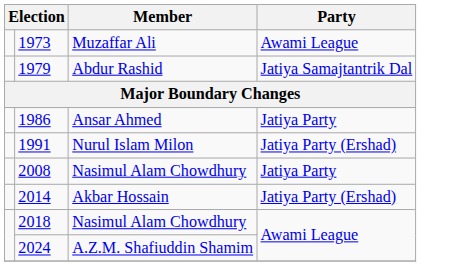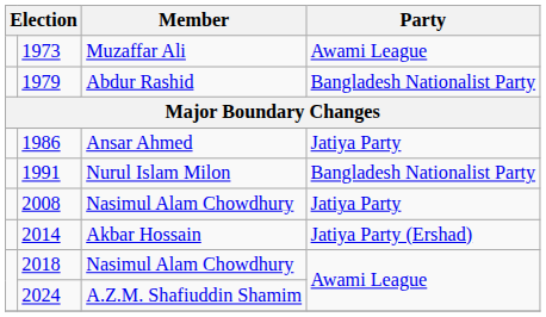 <table class="wikitable">
 <tr>
 <th colspan="2">Election</th>
 <th>Member</th>
 <th>Party</th>
 </tr>
 <tr>
 <td style="background-color:"></td>
 <td><a href='#'>1973</a></td>
 <td><a href='#'>Muzaffar Ali</a></td>
 <td><a href='#'>Awami League</a></td>
 </tr>
 <tr>
 <td style="background-color:"></td>
 <td><a href='#'>1979</a></td>
 <td><a href='#'>Abdur Rashid</a></td>
-<td><a href='#'>Jatiya Samajtantrik Dal</a></td>
+<td><a href='#'>Bangladesh Nationalist Party</a></td>
 </tr>
 <tr>
 <th colspan="4">Major Boundary Changes</th>
 </tr>
 <tr>
 <td style="background-color:"></td>
 <td><a href='#'>1986</a></td>
 <td><a href='#'>Ansar Ahmed</a></td>
 <td><a href='#'>Jatiya Party</a></td>
 </tr>
 <tr>
 <td style="background-color:"></td>
 <td><a href='#'>1991</a></td>
 <td><a href='#'>Nurul Islam Milon</a></td>
-<td><a href='#'>Jatiya Party (Ershad)</a></td>
+<td><a href='#'>Bangladesh Nationalist Party</a></td>
 </tr>
 <tr>
 <td style="background-color:"></td>
 <td><a href='#'>2008</a></td>
 <td><a href='#'>Nasimul Alam Chowdhury</a></td>
 <td><a href='#'>Jatiya Party</a></td>
 </tr>
 <tr>
 <td style="background-color:"></td>
 <td><a href='#'>2014</a></td>
 <td><a href='#'>Akbar Hossain</a></td>
 <td><a href='#'>Jatiya Party (Ershad)</a></td>
 </tr>
 <tr>
 <td rowspan="2" style="background-color:"></td>
 <td><a href='#'>2018</a></td>
 <td><a href='#'>Nasimul Alam Chowdhury</a></td>
 <td rowspan="2"><a href='#'>Awami League</a></td>
 </tr>
 <tr>
 <td><a href='#'>2024</a></td>
 <td><a href='#'>A.Z.M. Shafiuddin Shamim</a></td>
 </tr>
 <tr>
 </tr>
 </table>
